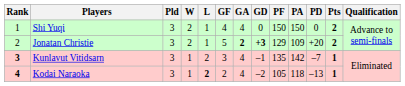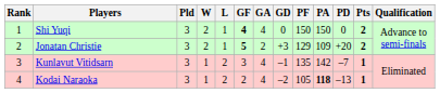 <table class="wikitable" style="font-size:90%; text-align:center">
 <tr>
 <th width="20">Rank</th>
 <th width="200">Players</th>
 <th width="20">Pld</th>
 <th width="20">W</th>
 <th width="20">L</th>
 <th width="20">GF</th>
 <th width="20">GA</th>
 <th width="20">GD</th>
 <th width="20">PF</th>
 <th width="20">PA</th>
 <th width="20">PD</th>
 <th width="20">Pts</th>
 <th width="20">Qualification</th>
 </tr>
 <tr style="background:#ccffcc">
 <td>1</td>
 <td style="text-align:left"> <a href='#'>Shi Yuqi</a></td>
 <td>3</td>
 <td>2</td>
 <td>1</td>
-<td>4</td>
+<td><strong>4</strong></td>
 <td>4</td>
 <td>0</td>
 <td>150</td>
 <td>150</td>
 <td>0</td>
 <td><strong>2</strong></td>
 <td rowspan="2">Advance to <a href='#'>semi-finals</a></td>
 </tr>
 <tr style="background:#ccffcc">
 <td>2</td>
 <td style="text-align:left"> <a href='#'>Jonatan Christie</a></td>
 <td>3</td>
 <td>2</td>
 <td>1</td>
-<td>5</td>
-<td><strong>2</strong></td>
-<td><strong>+3</strong></td>
+<td><strong>5</strong></td>
+<td>2</td>
+<td>+3</td>
 <td>129</td>
 <td>109</td>
 <td>+20</td>
 <td><strong>2</strong></td>
 </tr>
 <tr style="background:#ffcccc">
-<td><strong>3</strong></td>
+<td>3</td>
 <td style="text-align:left"> <a href='#'>Kunlavut Vitidsarn</a></td>
 <td>3</td>
 <td>1</td>
 <td>2</td>
 <td>3</td>
 <td>4</td>
 <td>–1</td>
 <td>135</td>
 <td>142</td>
 <td>–7</td>
 <td><strong>1</strong></td>
 <td rowspan="2">Eliminated</td>
 </tr>
 <tr style="background:#ffcccc">
-<td><strong>4</strong></td>
+<td>4</td>
 <td style="text-align:left"> <a href='#'>Kodai Naraoka</a></td>
 <td>3</td>
 <td>1</td>
-<td><strong>2</strong></td>
+<td>2</td>
 <td>2</td>
 <td>4</td>
 <td>–2</td>
 <td>105</td>
-<td>118</td>
+<td><strong>118</strong></td>
 <td>–13</td>
 <td><strong>1</strong></td>
 </tr>
 </table>
